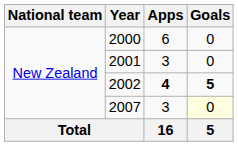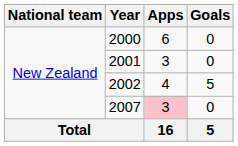 <table class="wikitable" style="text-align: center;">
 <tr>
 <th>National team</th>
 <th>Year</th>
 <th>Apps</th>
 <th>Goals</th>
 </tr>
 <tr>
 <td rowspan="4"><a href='#'>New Zealand</a></td>
 <td>2000</td>
 <td>6</td>
 <td>0</td>
 </tr>
 <tr>
 <td>2001</td>
 <td>3</td>
 <td>0</td>
 </tr>
 <tr>
 <td>2002</td>
-<td><strong>4</strong></td>
-<td><strong>5</strong></td>
+<td>4</td>
+<td>5</td>
 </tr>
 <tr>
 <td>2007</td>
-<td>3</td>
-<td style="background: lightyellow;">0</td>
+<td style="background: pink;">3</td>
+<td>0</td>
 </tr>
 <tr>
 <th colspan="2">Total</th>
 <th>16</th>
 <th>5</th>
 </tr>
 </table>
